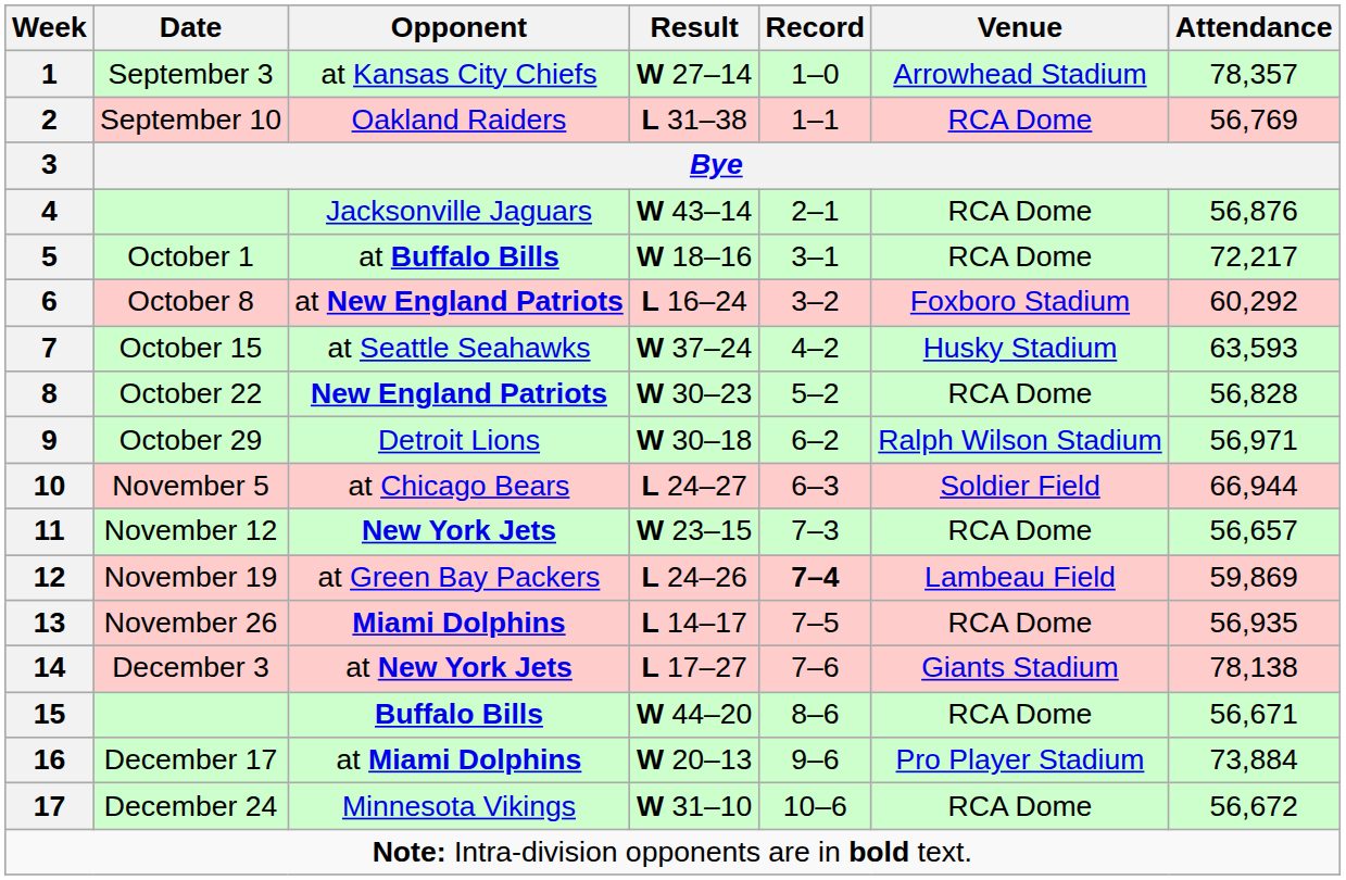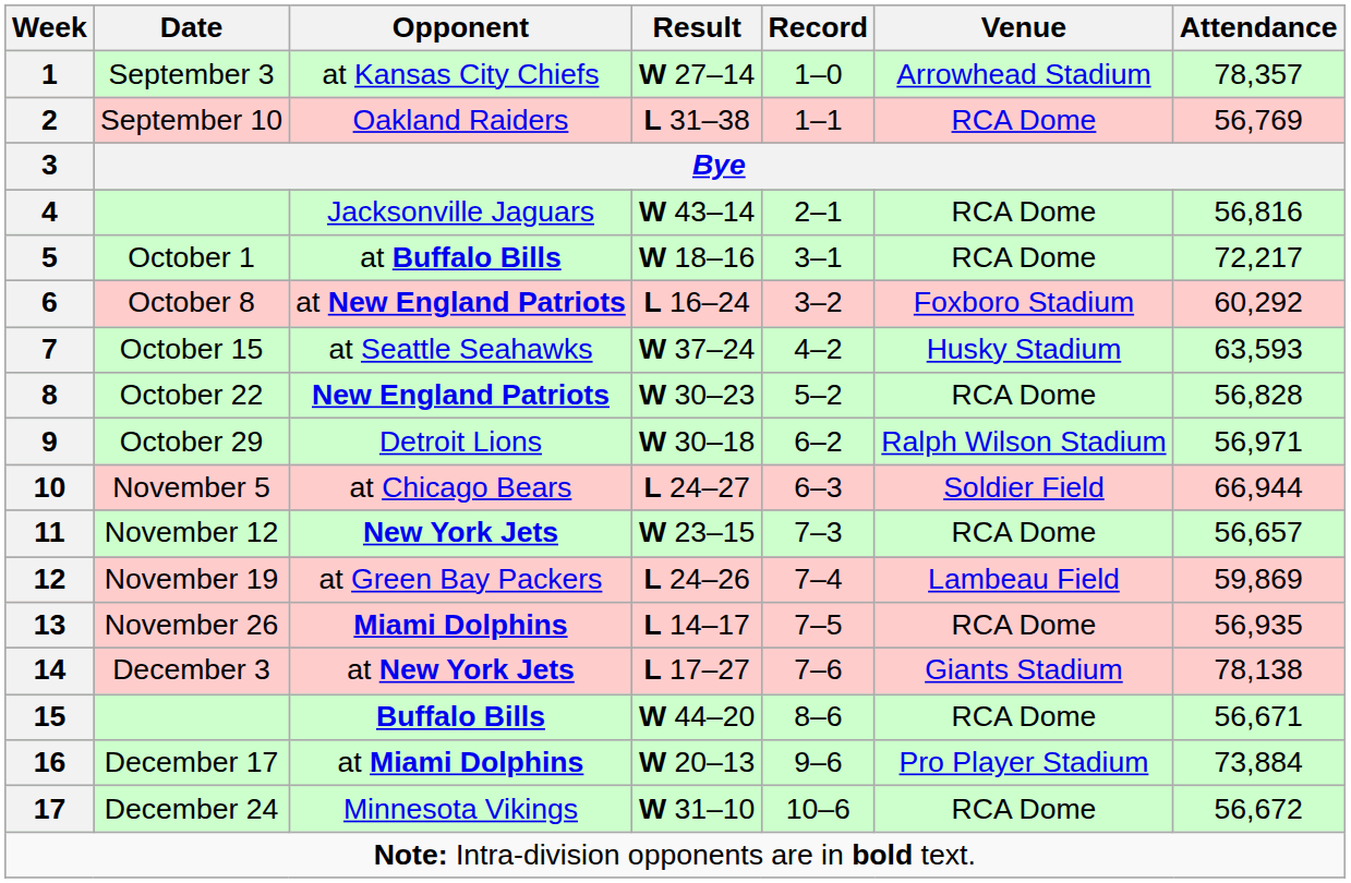 <table class="wikitable" style="text-align:center">
 <tr>
 <th>Week</th>
 <th>Date</th>
 <th>Opponent</th>
 <th>Result</th>
 <th>Record</th>
 <th>Venue</th>
 <th>Attendance</th>
 </tr>
 <tr style="background:#cfc">
 <th>1</th>
 <td>September 3</td>
 <td>at <a href='#'>Kansas City Chiefs</a></td>
 <td><strong>W</strong> 27–14</td>
 <td>1–0</td>
 <td><a href='#'>Arrowhead Stadium</a></td>
 <td>78,357</td>
 </tr>
 <tr style="background:#fcc">
 <th>2</th>
 <td>September 10</td>
 <td><a href='#'>Oakland Raiders</a></td>
 <td><strong>L</strong> 31–38</td>
 <td>1–1</td>
 <td><a href='#'>RCA Dome</a></td>
 <td>56,769</td>
 </tr>
 <tr>
 <th>3</th>
 <th colspan="6"><em><a href='#'>Bye</a></em></th>
 </tr>
 <tr style="background:#cfc">
 <th>4</th>
 <td></td>
 <td><a href='#'>Jacksonville Jaguars</a></td>
 <td><strong>W</strong> 43–14</td>
 <td>2–1</td>
 <td>RCA Dome</td>
-<td>56,876</td>
+<td>56,816</td>
 </tr>
 <tr style="background:#cfc">
 <th>5</th>
 <td>October 1</td>
 <td>at <strong><a href='#'>Buffalo Bills</a></strong></td>
 <td><strong>W</strong> 18–16</td>
 <td>3–1</td>
 <td>RCA Dome</td>
 <td>72,217</td>
 </tr>
 <tr style="background:#fcc">
 <th>6</th>
 <td>October 8</td>
 <td>at <strong><a href='#'>New England Patriots</a></strong></td>
 <td><strong>L</strong> 16–24</td>
 <td>3–2</td>
 <td><a href='#'>Foxboro Stadium</a></td>
 <td>60,292</td>
 </tr>
 <tr style="background:#cfc">
 <th>7</th>
 <td>October 15</td>
 <td>at <a href='#'>Seattle Seahawks</a></td>
 <td><strong>W</strong> 37–24</td>
 <td>4–2</td>
 <td><a href='#'>Husky Stadium</a></td>
 <td>63,593</td>
 </tr>
 <tr style="background:#cfc">
 <th>8</th>
 <td>October 22</td>
 <td><strong><a href='#'>New England Patriots</a></strong></td>
 <td><strong>W</strong> 30–23</td>
 <td>5–2</td>
 <td>RCA Dome</td>
 <td>56,828</td>
 </tr>
 <tr style="background:#cfc">
 <th>9</th>
 <td>October 29</td>
 <td><a href='#'>Detroit Lions</a></td>
 <td><strong>W</strong> 30–18</td>
 <td>6–2</td>
 <td><a href='#'>Ralph Wilson Stadium</a></td>
 <td>56,971</td>
 </tr>
 <tr style="background:#fcc">
 <th>10</th>
 <td>November 5</td>
 <td>at <a href='#'>Chicago Bears</a></td>
 <td><strong>L</strong> 24–27</td>
 <td>6–3</td>
 <td><a href='#'>Soldier Field</a></td>
 <td>66,944</td>
 </tr>
 <tr style="background:#cfc">
 <th>11</th>
 <td>November 12</td>
 <td><strong><a href='#'>New York Jets</a></strong></td>
 <td><strong>W</strong> 23–15</td>
 <td>7–3</td>
 <td>RCA Dome</td>
 <td>56,657</td>
 </tr>
 <tr style="background:#fcc">
 <th>12</th>
 <td>November 19</td>
 <td>at <a href='#'>Green Bay Packers</a></td>
 <td><strong>L</strong> 24–26</td>
-<td><strong>7–4</strong></td>
+<td>7–4</td>
 <td><a href='#'>Lambeau Field</a></td>
 <td>59,869</td>
 </tr>
 <tr style="background:#fcc">
 <th>13</th>
 <td>November 26</td>
 <td><strong><a href='#'>Miami Dolphins</a></strong></td>
 <td><strong>L</strong> 14–17</td>
 <td>7–5</td>
 <td>RCA Dome</td>
 <td>56,935</td>
 </tr>
 <tr style="background:#fcc">
 <th>14</th>
 <td>December 3</td>
 <td>at <strong><a href='#'>New York Jets</a></strong></td>
 <td><strong>L</strong> 17–27</td>
 <td>7–6</td>
 <td><a href='#'>Giants Stadium</a></td>
 <td>78,138</td>
 </tr>
 <tr style="background:#cfc">
 <th>15</th>
 <td></td>
 <td><strong><a href='#'>Buffalo Bills</a></strong></td>
 <td><strong>W</strong> 44–20</td>
 <td>8–6</td>
 <td>RCA Dome</td>
 <td>56,671</td>
 </tr>
 <tr style="background:#cfc">
 <th>16</th>
 <td>December 17</td>
 <td>at <strong><a href='#'>Miami Dolphins</a></strong></td>
 <td><strong>W</strong> 20–13</td>
 <td>9–6</td>
 <td><a href='#'>Pro Player Stadium</a></td>
 <td>73,884</td>
 </tr>
 <tr style="background:#cfc">
 <th>17</th>
 <td>December 24</td>
 <td><a href='#'>Minnesota Vikings</a></td>
 <td><strong>W</strong> 31–10</td>
 <td>10–6</td>
 <td>RCA Dome</td>
 <td>56,672</td>
 </tr>
 <tr>
 <td colspan="7"><strong>Note:</strong> Intra-division opponents are in <strong>bold</strong> text.</td>
 </tr>
 </table>
